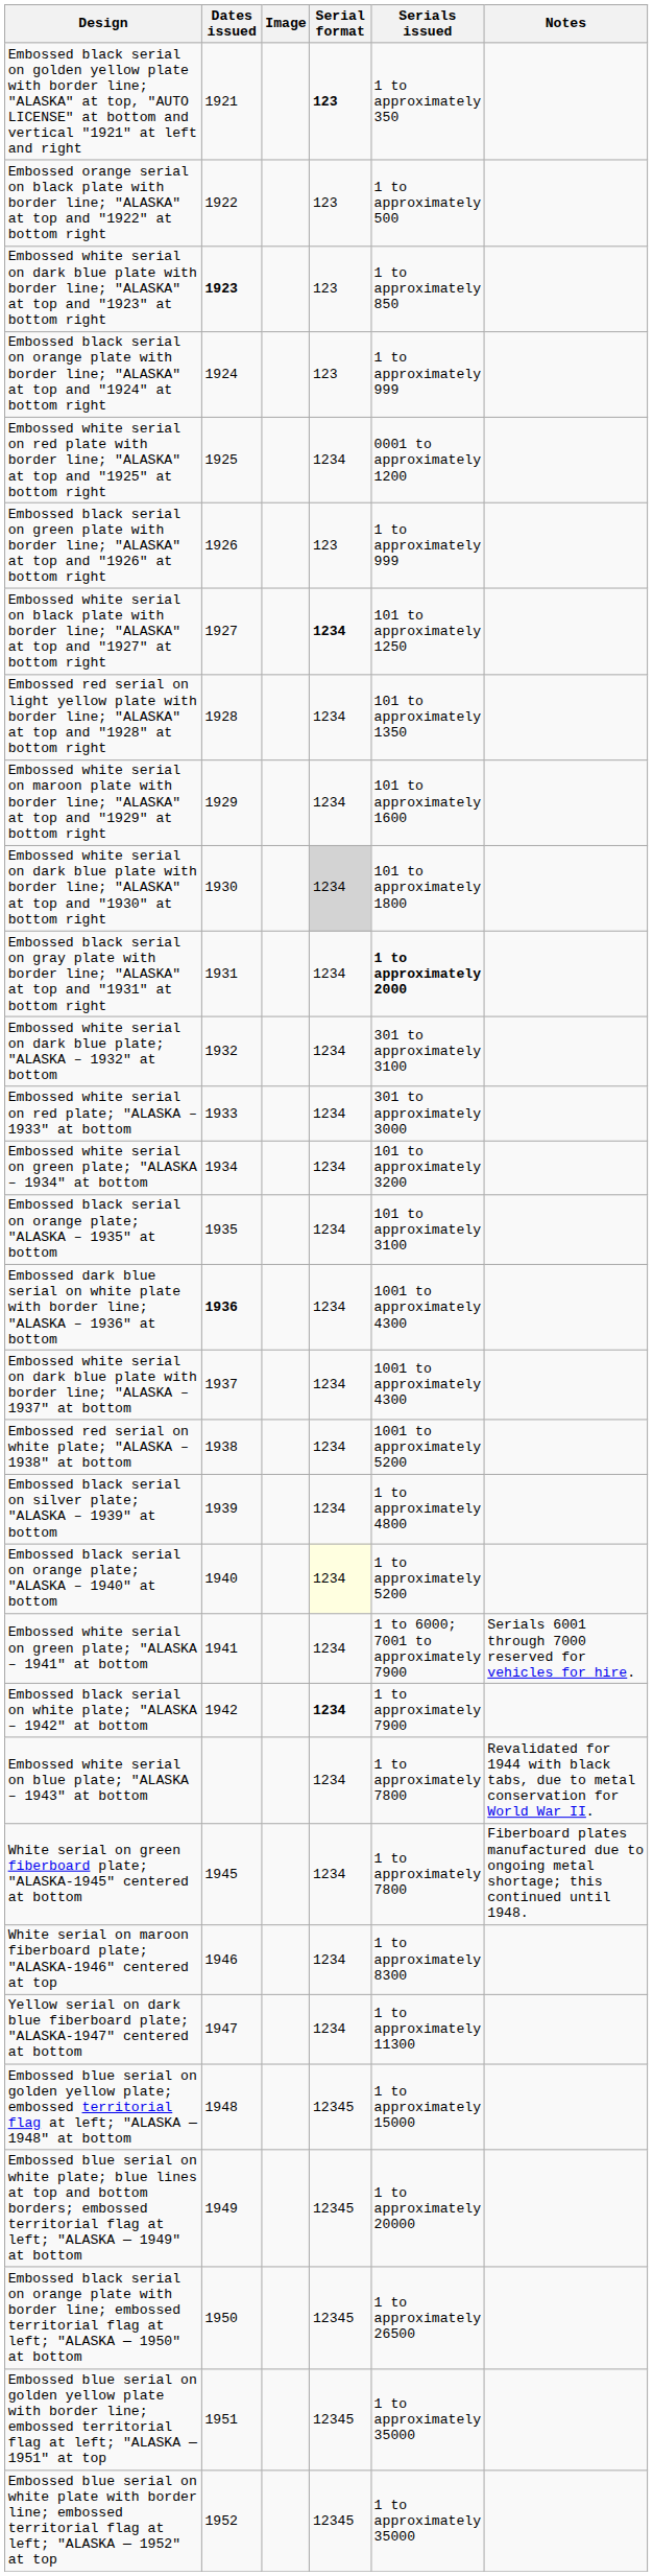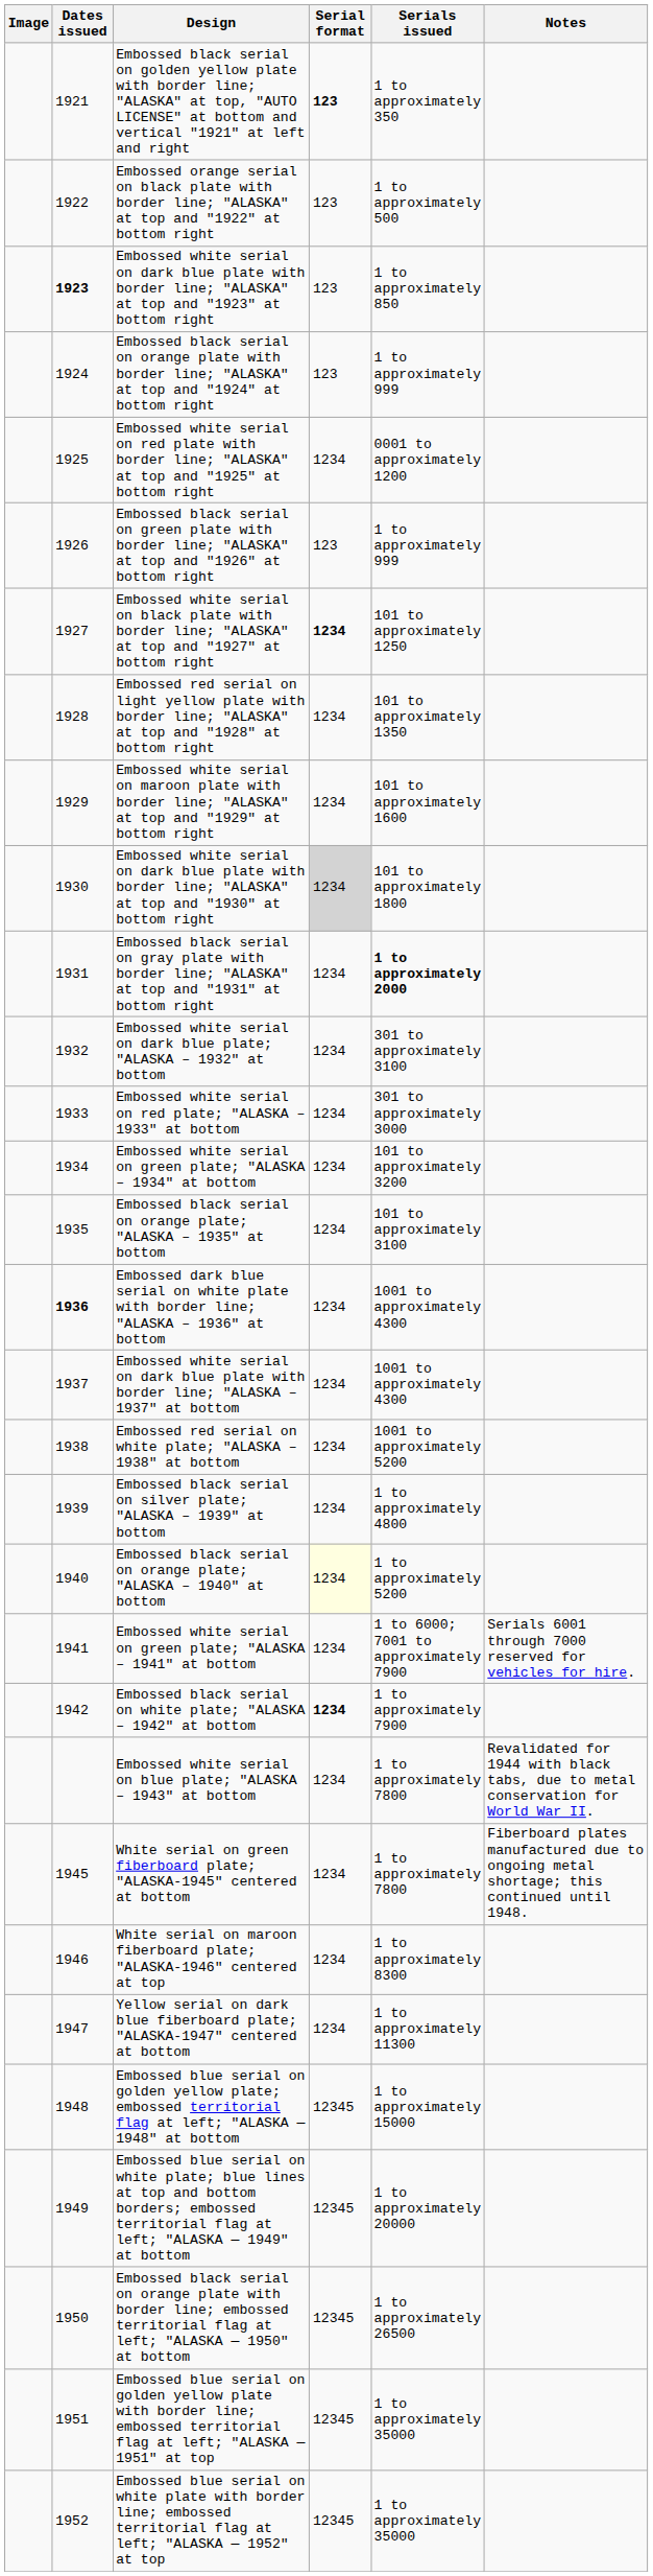 <table class="wikitable">
 <tr>
+<th>Image</th>
+<th>Dates issued</th>
 <th>Design</th>
-<th>Dates issued</th>
-<th>Image</th>
 <th>Serial format</th>
 <th style="width:95px;">Serials issued</th>
 <th>Notes</th>
 </tr>
 <tr>
+<td></td>
+<td>1921</td>
 <td>Embossed black serial on golden yellow plate with border line; "ALASKA" at top, "AUTO LICENSE" at bottom and vertical "1921" at left and right</td>
-<td>1921</td>
-<td></td>
 <td><strong>123</strong></td>
 <td>1 to approximately 350</td>
 <td></td>
 </tr>
 <tr>
+<td></td>
+<td>1922</td>
 <td>Embossed orange serial on black plate with border line; "ALASKA" at top and "1922" at bottom right</td>
-<td>1922</td>
-<td></td>
 <td>123</td>
 <td>1 to approximately 500</td>
 <td></td>
 </tr>
 <tr>
+<td></td>
+<td><strong>1923</strong></td>
 <td>Embossed white serial on dark blue plate with border line; "ALASKA" at top and "1923" at bottom right</td>
-<td><strong>1923</strong></td>
-<td></td>
 <td>123</td>
 <td>1 to approximately 850</td>
 <td></td>
 </tr>
 <tr>
+<td></td>
+<td>1924</td>
 <td>Embossed black serial on orange plate with border line; "ALASKA" at top and "1924" at bottom right</td>
-<td>1924</td>
-<td></td>
 <td>123</td>
 <td>1 to approximately 999</td>
 <td></td>
 </tr>
 <tr>
+<td></td>
+<td>1925</td>
 <td>Embossed white serial on red plate with border line; "ALASKA" at top and "1925" at bottom right</td>
-<td>1925</td>
-<td></td>
 <td>1234</td>
 <td>0001 to approximately 1200</td>
 <td></td>
 </tr>
 <tr>
+<td></td>
+<td>1926</td>
 <td>Embossed black serial on green plate with border line; "ALASKA" at top and "1926" at bottom right</td>
-<td>1926</td>
-<td></td>
 <td>123</td>
 <td>1 to approximately 999</td>
 <td></td>
 </tr>
 <tr>
+<td></td>
+<td>1927</td>
 <td>Embossed white serial on black plate with border line; "ALASKA" at top and "1927" at bottom right</td>
-<td>1927</td>
-<td></td>
 <td><strong>1234</strong></td>
 <td>101 to approximately 1250</td>
 <td></td>
 </tr>
 <tr>
+<td></td>
+<td>1928</td>
 <td>Embossed red serial on light yellow plate with border line; "ALASKA" at top and "1928" at bottom right</td>
-<td>1928</td>
-<td></td>
 <td>1234</td>
 <td>101 to approximately 1350</td>
 <td></td>
 </tr>
 <tr>
+<td></td>
+<td>1929</td>
 <td>Embossed white serial on maroon plate with border line; "ALASKA" at top and "1929" at bottom right</td>
-<td>1929</td>
-<td></td>
 <td>1234</td>
 <td>101 to approximately 1600</td>
 <td></td>
 </tr>
 <tr>
+<td></td>
+<td>1930</td>
 <td>Embossed white serial on dark blue plate with border line; "ALASKA" at top and "1930" at bottom right</td>
-<td>1930</td>
-<td></td>
 <td style="background: lightgrey;">1234</td>
 <td>101 to approximately 1800</td>
 <td></td>
 </tr>
 <tr>
+<td></td>
+<td>1931</td>
 <td>Embossed black serial on gray plate with border line; "ALASKA" at top and "1931" at bottom right</td>
-<td>1931</td>
-<td></td>
 <td>1234</td>
 <td><strong>1 to approximately 2000</strong></td>
 <td></td>
 </tr>
 <tr>
+<td></td>
+<td>1932</td>
 <td>Embossed white serial on dark blue plate; "ALASKA – 1932" at bottom</td>
-<td>1932</td>
-<td></td>
 <td>1234</td>
 <td>301 to approximately 3100</td>
 <td></td>
 </tr>
 <tr>
+<td></td>
+<td>1933</td>
 <td>Embossed white serial on red plate; "ALASKA – 1933" at bottom</td>
-<td>1933</td>
-<td></td>
 <td>1234</td>
 <td>301 to approximately 3000</td>
 <td></td>
 </tr>
 <tr>
+<td></td>
+<td>1934</td>
 <td>Embossed white serial on green plate; "ALASKA – 1934" at bottom</td>
-<td>1934</td>
-<td></td>
 <td>1234</td>
 <td>101 to approximately 3200</td>
 <td></td>
 </tr>
 <tr>
+<td></td>
+<td>1935</td>
 <td>Embossed black serial on orange plate; "ALASKA – 1935" at bottom</td>
-<td>1935</td>
-<td></td>
 <td>1234</td>
 <td>101 to approximately 3100</td>
 <td></td>
 </tr>
 <tr>
+<td></td>
+<td><strong>1936</strong></td>
 <td>Embossed dark blue serial on white plate with border line; "ALASKA – 1936" at bottom</td>
-<td><strong>1936</strong></td>
-<td></td>
 <td>1234</td>
 <td>1001 to approximately 4300</td>
 <td></td>
 </tr>
 <tr>
+<td></td>
+<td>1937</td>
 <td>Embossed white serial on dark blue plate with border line; "ALASKA – 1937" at bottom</td>
-<td>1937</td>
-<td></td>
 <td>1234</td>
 <td>1001 to approximately 4300</td>
 <td></td>
 </tr>
 <tr>
+<td></td>
+<td>1938</td>
 <td>Embossed red serial on white plate; "ALASKA – 1938" at bottom</td>
-<td>1938</td>
-<td></td>
 <td>1234</td>
 <td>1001 to approximately 5200</td>
 <td></td>
 </tr>
 <tr>
+<td></td>
+<td>1939</td>
 <td>Embossed black serial on silver plate; "ALASKA – 1939" at bottom</td>
-<td>1939</td>
-<td></td>
 <td>1234</td>
 <td>1 to approximately 4800</td>
 <td></td>
 </tr>
 <tr>
+<td></td>
+<td>1940</td>
 <td>Embossed black serial on orange plate; "ALASKA – 1940" at bottom</td>
-<td>1940</td>
-<td></td>
 <td style="background: lightyellow;">1234</td>
 <td>1 to approximately 5200</td>
 <td></td>
 </tr>
 <tr>
+<td></td>
+<td>1941</td>
 <td>Embossed white serial on green plate; "ALASKA – 1941" at bottom</td>
-<td>1941</td>
-<td></td>
 <td>1234</td>
 <td>1 to 6000;<br>7001 to approximately 7900</td>
 <td>Serials 6001 through 7000 reserved for <a href='#'>vehicles for hire</a>.</td>
 </tr>
 <tr>
+<td></td>
+<td>1942</td>
 <td>Embossed black serial on white plate; "ALASKA – 1942" at bottom</td>
-<td>1942</td>
-<td></td>
 <td><strong>1234</strong></td>
 <td>1 to approximately 7900</td>
 <td></td>
 </tr>
 <tr>
-<td>Embossed white serial on blue plate; "ALASKA – 1943" at bottom</td>
 <td></td>
 <td></td>
+<td>Embossed white serial on blue plate; "ALASKA – 1943" at bottom</td>
 <td>1234</td>
 <td>1 to approximately 7800</td>
 <td>Revalidated for 1944 with black tabs, due to metal conservation for <a href='#'>World War II</a>.</td>
 </tr>
 <tr>
+<td></td>
+<td>1945</td>
 <td>White serial on green <a href='#'>fiberboard</a> plate; "ALASKA-1945" centered at bottom</td>
-<td>1945</td>
-<td></td>
 <td>1234</td>
 <td>1 to approximately 7800</td>
 <td>Fiberboard plates manufactured due to ongoing metal shortage; this continued until 1948.</td>
 </tr>
 <tr>
+<td></td>
+<td>1946</td>
 <td>White serial on maroon fiberboard plate; "ALASKA-1946" centered at top</td>
-<td>1946</td>
-<td></td>
 <td>1234</td>
 <td>1 to approximately 8300</td>
 <td></td>
 </tr>
 <tr>
+<td></td>
+<td>1947</td>
 <td>Yellow serial on dark blue fiberboard plate; "ALASKA-1947" centered at bottom</td>
-<td>1947</td>
-<td></td>
 <td>1234</td>
 <td>1 to approximately 11300</td>
 <td></td>
 </tr>
 <tr>
+<td></td>
+<td>1948</td>
 <td>Embossed blue serial on golden yellow plate; embossed <a href='#'>territorial flag</a> at left; "ALASKA — 1948" at bottom</td>
-<td>1948</td>
-<td></td>
 <td>12345</td>
 <td>1 to approximately 15000</td>
 <td></td>
 </tr>
 <tr>
+<td></td>
+<td>1949</td>
 <td>Embossed blue serial on white plate; blue lines at top and bottom borders; embossed territorial flag at left; "ALASKA — 1949" at bottom</td>
-<td>1949</td>
-<td></td>
 <td>12345</td>
 <td>1 to approximately 20000</td>
 <td></td>
 </tr>
 <tr>
+<td></td>
+<td>1950</td>
 <td>Embossed black serial on orange plate with border line; embossed territorial flag at left; "ALASKA — 1950" at bottom</td>
-<td>1950</td>
-<td></td>
 <td>12345</td>
 <td>1 to approximately 26500</td>
 <td></td>
 </tr>
 <tr>
+<td></td>
+<td>1951</td>
 <td>Embossed blue serial on golden yellow plate with border line; embossed territorial flag at left; "ALASKA — 1951" at top</td>
-<td>1951</td>
-<td></td>
 <td>12345</td>
 <td>1 to approximately 35000</td>
 <td></td>
 </tr>
 <tr>
+<td></td>
+<td>1952</td>
 <td>Embossed blue serial on white plate with border line; embossed territorial flag at left; "ALASKA — 1952" at top</td>
-<td>1952</td>
-<td></td>
 <td>12345</td>
 <td>1 to approximately 35000</td>
 <td></td>
 </tr>
 </table>
